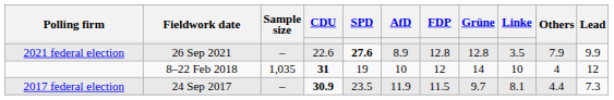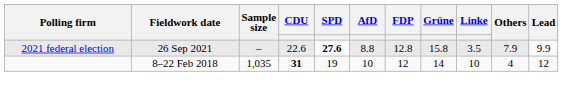 <table class="wikitable sortable mw-datatable" style="text-align:center;font-size:90%;line-height:14px;">
 <tr style="height:40px;">
 <th style="width:160px;" rowspan="2">Polling firm</th>
 <th style="width:135px;" rowspan="2">Fieldwork date</th>
 <th style="width:35px;" rowspan="2">Sample<br>size</th>
 <th class="unsortable" style="width:40px;"><a href='#'>CDU</a></th>
 <th class="unsortable" style="width:40px;"><a href='#'>SPD</a></th>
 <th class="unsortable" style="width:40px;"><a href='#'>AfD</a></th>
 <th class="unsortable" style="width:40px;"><a href='#'>FDP</a></th>
 <th class="unsortable" style="width:40px;"><a href='#'>Grüne</a></th>
 <th class="unsortable" style="width:40px;"><a href='#'>Linke</a></th>
 <th class="unsortable" style="width:30px;" rowspan="2">Others</th>
 <th style="width:30px;" rowspan="2">Lead</th>
 </tr>
 <tr>
 <th style="background:"></th>
 <th style="background:"></th>
 <th style="background:"></th>
 <th style="background:"></th>
 <th style="background:"></th>
 <th style="background:"></th>
 </tr>
 <tr>
 <td style="background:#E9E9E9;"><a href='#'>2021 federal election</a></td>
 <td style="background:#E9E9E9;" data-sort-value="2021-09-26">26 Sep 2021</td>
 <td style="background:#E9E9E9;">–</td>
 <td style="background:#E9E9E9;">22.6</td>
 <td><strong>27.6</strong></td>
-<td style="background:#E9E9E9;">8.9</td>
+<td style="background:#E9E9E9;">8.8</td>
 <td style="background:#E9E9E9;">12.8</td>
-<td style="background:#E9E9E9;">12.8</td>
+<td style="background:#E9E9E9;">15.8</td>
 <td style="background:#E9E9E9;">3.5</td>
 <td style="background:#E9E9E9;">7.9</td>
 <td style="background:">9.9</td>
 </tr>
 <tr>
 <td></td>
 <td data-sort-value="2018-02-22">8–22 Feb 2018</td>
 <td>1,035</td>
 <td><strong>31</strong></td>
 <td>19</td>
 <td>10</td>
 <td>12</td>
 <td>14</td>
 <td>10</td>
 <td>4</td>
 <td style="background:">12</td>
 </tr>
-<tr>
-<td style="background:#E9E9E9;"><a href='#'>2017 federal election</a></td>
-<td style="background:#E9E9E9;" data-sort-value="2017-09-24">24 Sep 2017</td>
-<td style="background:#E9E9E9;">–</td>
-<td><strong>30.9</strong></td>
-<td style="background:#E9E9E9;">23.5</td>
-<td style="background:#E9E9E9;">11.9</td>
-<td style="background:#E9E9E9;">11.5</td>
-<td style="background:#E9E9E9;">9.7</td>
-<td style="background:#E9E9E9;">8.1</td>
-<td style="background:#E9E9E9;">4.4</td>
-<td style="background:">7.3</td>
-</tr>
 </table>
